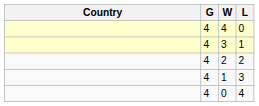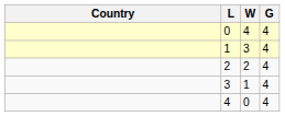 <table class="wikitable">
 <tr>
 <th bgcolor="#efefef" width="300">Country</th>
+<th bgcolor="#efefef" width="20">L</th>
+<th bgcolor="#efefef" width="20">W</th>
 <th bgcolor="#efefef" width="20">G</th>
-<th bgcolor="#efefef" width="20">W</th>
-<th bgcolor="#efefef" width="20">L</th>
 </tr>
 <tr bgcolor="#ffffcc">
 <td></td>
+<td>0</td>
 <td>4</td>
 <td>4</td>
-<td>0</td>
 </tr>
 <tr bgcolor="#ffffcc">
 <td></td>
+<td>1</td>
+<td>3</td>
 <td>4</td>
-<td>3</td>
-<td>1</td>
 </tr>
 <tr>
 <td></td>
-<td>4</td>
 <td>2</td>
 <td>2</td>
+<td>4</td>
 </tr>
 <tr>
 <td></td>
+<td>3</td>
+<td>1</td>
 <td>4</td>
-<td>1</td>
-<td>3</td>
 </tr>
 <tr>
 <td></td>
 <td>4</td>
 <td>0</td>
 <td>4</td>
 </tr>
 </table>
